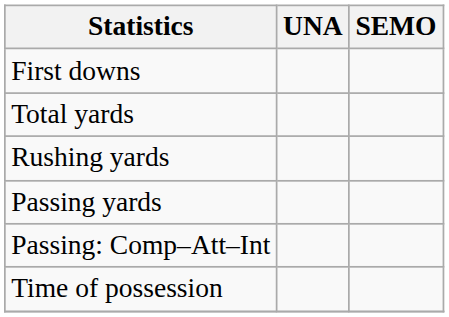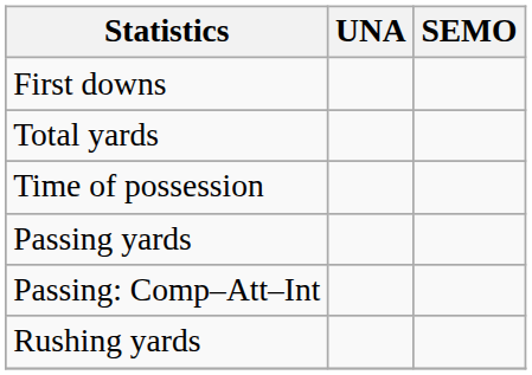 <table class="wikitable" style="float: left;">
 <tr>
 <th>Statistics</th>
 <th>UNA</th>
 <th>SEMO</th>
 </tr>
 <tr>
 <td>First downs</td>
 <td></td>
 <td></td>
 </tr>
 <tr>
 <td>Total yards</td>
 <td></td>
 <td></td>
 </tr>
 <tr>
-<td>Rushing yards</td>
+<td>Time of possession</td>
 <td></td>
 <td></td>
 </tr>
 <tr>
 <td>Passing yards</td>
 <td></td>
 <td></td>
 </tr>
 <tr>
 <td>Passing: Comp–Att–Int</td>
 <td></td>
 <td></td>
 </tr>
 <tr>
-<td>Time of possession</td>
+<td>Rushing yards</td>
 <td></td>
 <td></td>
 </tr>
 <tr>
 </tr>
 </table>
